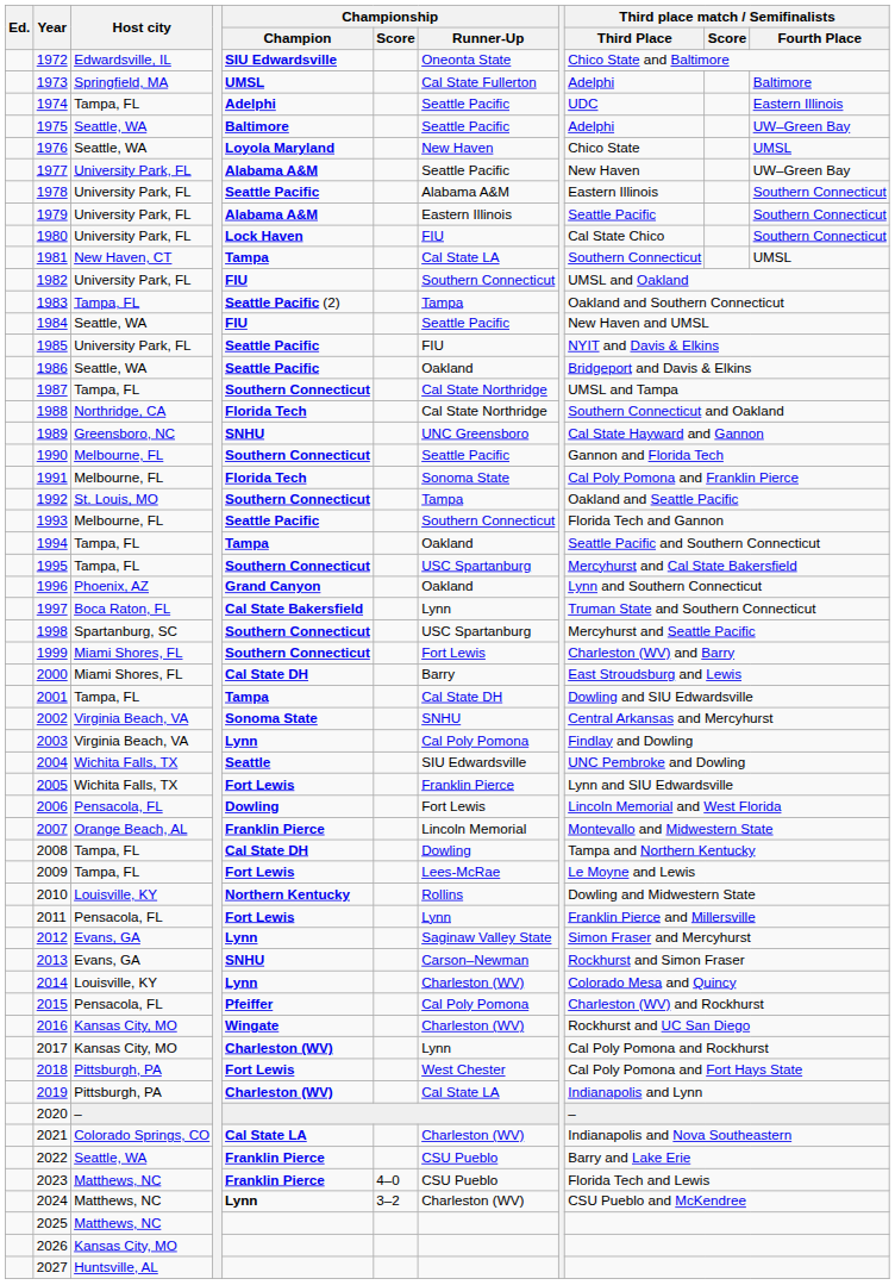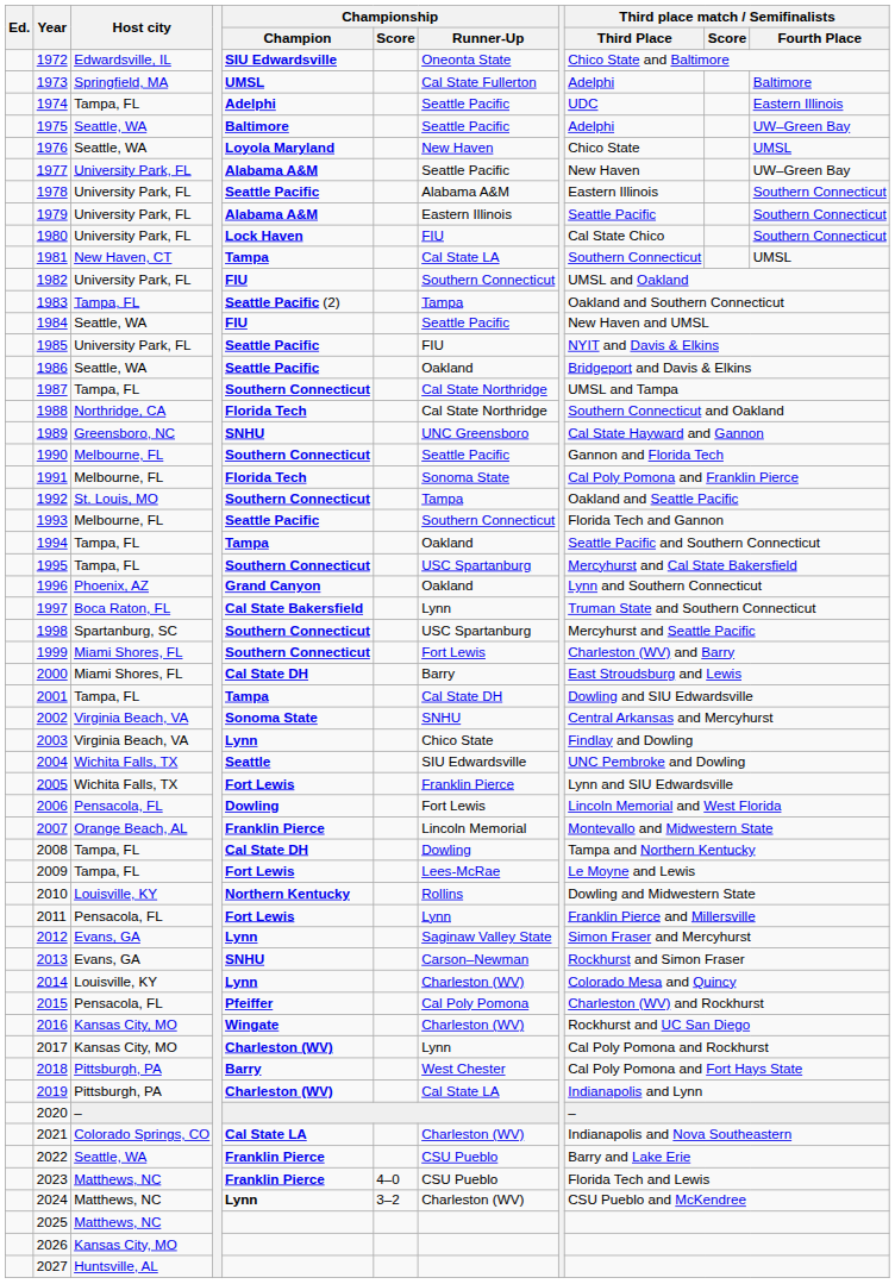 <table class="wikitable" style="text-align:; font-size:90%">
 <tr>
 <th rowspan="2">Ed.</th>
 <th rowspan="2">Year</th>
 <th rowspan="2">Host city</th>
 <th rowspan=60 style= "width:1%"></th>
 <th colspan=3>Championship</th>
 <th rowspan=60></th>
 <th colspan=3>Third place match / Semifinalists</th>
 </tr>
 <tr>
 <th>Champion</th>
 <th>Score</th>
 <th>Runner-Up</th>
 <th>Third Place</th>
 <th>Score</th>
 <th>Fourth Place</th>
 </tr>
 <tr>
 <td></td>
 <td><a href='#'>1972</a></td>
 <td><a href='#'>Edwardsville, IL</a></td>
 <td><strong><a href='#'>SIU Edwardsville</a></strong> </td>
 <td></td>
 <td><a href='#'>Oneonta State</a></td>
 <td colspan=3><a href='#'>Chico State</a> and <a href='#'>Baltimore</a> </td>
 </tr>
 <tr>
 <td></td>
 <td><a href='#'>1973</a></td>
 <td><a href='#'>Springfield, MA</a></td>
 <td><strong><a href='#'>UMSL</a></strong> </td>
 <td></td>
 <td><a href='#'>Cal State Fullerton</a></td>
 <td><a href='#'>Adelphi</a></td>
 <td></td>
 <td><a href='#'>Baltimore</a></td>
 </tr>
 <tr>
 <td></td>
 <td><a href='#'>1974</a></td>
 <td>Tampa, FL</td>
 <td><strong><a href='#'>Adelphi</a></strong> </td>
 <td></td>
 <td><a href='#'>Seattle Pacific</a></td>
 <td><a href='#'>UDC</a></td>
 <td></td>
 <td><a href='#'>Eastern Illinois</a></td>
 </tr>
 <tr>
 <td></td>
 <td><a href='#'>1975</a></td>
 <td><a href='#'>Seattle, WA</a></td>
 <td><strong><a href='#'>Baltimore</a></strong> </td>
 <td></td>
 <td><a href='#'>Seattle Pacific</a></td>
 <td><a href='#'>Adelphi</a></td>
 <td></td>
 <td><a href='#'>UW–Green Bay</a></td>
 </tr>
 <tr>
 <td></td>
 <td><a href='#'>1976</a></td>
 <td>Seattle, WA</td>
 <td><strong><a href='#'>Loyola Maryland</a></strong> </td>
 <td></td>
 <td><a href='#'>New Haven</a></td>
 <td>Chico State</td>
 <td></td>
 <td><a href='#'>UMSL</a></td>
 </tr>
 <tr>
 <td></td>
 <td><a href='#'>1977</a></td>
 <td><a href='#'>University Park, FL</a></td>
 <td><strong><a href='#'>Alabama A&M</a></strong> </td>
 <td></td>
 <td>Seattle Pacific</td>
 <td>New Haven</td>
 <td></td>
 <td>UW–Green Bay</td>
 </tr>
 <tr>
 <td></td>
 <td><a href='#'>1978</a></td>
 <td>University Park, FL</td>
 <td><strong><a href='#'>Seattle Pacific</a></strong> </td>
 <td></td>
 <td>Alabama A&M</td>
 <td>Eastern Illinois</td>
 <td></td>
 <td><a href='#'>Southern Connecticut</a></td>
 </tr>
 <tr>
 <td></td>
 <td><a href='#'>1979</a></td>
 <td>University Park, FL</td>
 <td><strong><a href='#'>Alabama A&M</a></strong> </td>
 <td></td>
 <td>Eastern Illinois</td>
 <td><a href='#'>Seattle Pacific</a></td>
 <td></td>
 <td><a href='#'>Southern Connecticut</a></td>
 </tr>
 <tr>
 <td></td>
 <td><a href='#'>1980</a></td>
 <td>University Park, FL</td>
 <td><strong><a href='#'>Lock Haven</a></strong> </td>
 <td></td>
 <td><a href='#'>FIU</a></td>
 <td>Cal State Chico</td>
 <td></td>
 <td><a href='#'>Southern Connecticut</a></td>
 </tr>
 <tr>
 <td></td>
 <td><a href='#'>1981</a></td>
 <td><a href='#'>New Haven, CT</a></td>
 <td><strong><a href='#'>Tampa</a></strong> </td>
 <td></td>
 <td><a href='#'>Cal State LA</a></td>
 <td><a href='#'>Southern Connecticut</a></td>
 <td></td>
 <td>UMSL</td>
 </tr>
 <tr>
 <td></td>
 <td><a href='#'>1982</a></td>
 <td>University Park, FL</td>
 <td><strong><a href='#'>FIU</a></strong> </td>
 <td></td>
 <td><a href='#'>Southern Connecticut</a></td>
 <td colspan=3>UMSL and <a href='#'>Oakland</a> </td>
 </tr>
 <tr>
 <td></td>
 <td><a href='#'>1983</a></td>
 <td><a href='#'>Tampa, FL</a></td>
 <td><strong><a href='#'>Seattle Pacific</a></strong> (2)</td>
 <td></td>
 <td><a href='#'>Tampa</a></td>
 <td colspan=3>Oakland and Southern Connecticut</td>
 </tr>
 <tr>
 <td></td>
 <td><a href='#'>1984</a></td>
 <td>Seattle, WA</td>
 <td><strong><a href='#'>FIU</a></strong> </td>
 <td></td>
 <td><a href='#'>Seattle Pacific</a></td>
 <td colspan=3>New Haven and UMSL</td>
 </tr>
 <tr>
 <td></td>
 <td><a href='#'>1985</a></td>
 <td>University Park, FL</td>
 <td><strong><a href='#'>Seattle Pacific</a></strong> </td>
 <td></td>
 <td>FIU</td>
 <td colspan=3><a href='#'>NYIT</a> and <a href='#'>Davis & Elkins</a></td>
 </tr>
 <tr>
 <td></td>
 <td><a href='#'>1986</a></td>
 <td>Seattle, WA</td>
 <td><strong><a href='#'>Seattle Pacific</a></strong> </td>
 <td></td>
 <td>Oakland</td>
 <td colspan=3><a href='#'>Bridgeport</a> and Davis & Elkins</td>
 </tr>
 <tr>
 <td></td>
 <td><a href='#'>1987</a></td>
 <td>Tampa, FL</td>
 <td><strong><a href='#'>Southern Connecticut</a></strong> </td>
 <td></td>
 <td><a href='#'>Cal State Northridge</a></td>
 <td colspan=3>UMSL and Tampa</td>
 </tr>
 <tr>
 <td></td>
 <td><a href='#'>1988</a></td>
 <td><a href='#'>Northridge, CA</a></td>
 <td><strong><a href='#'>Florida Tech</a></strong> </td>
 <td></td>
 <td>Cal State Northridge</td>
 <td colspan=3><a href='#'>Southern Connecticut</a> and Oakland</td>
 </tr>
 <tr>
 <td></td>
 <td><a href='#'>1989</a></td>
 <td><a href='#'>Greensboro, NC</a></td>
 <td><strong><a href='#'>SNHU</a></strong> </td>
 <td></td>
 <td><a href='#'>UNC Greensboro</a></td>
 <td colspan=3><a href='#'>Cal State Hayward</a> and <a href='#'>Gannon</a></td>
 </tr>
 <tr>
 <td></td>
 <td><a href='#'>1990</a></td>
 <td><a href='#'>Melbourne, FL</a></td>
 <td><strong><a href='#'>Southern Connecticut</a></strong> </td>
 <td></td>
 <td><a href='#'>Seattle Pacific</a></td>
 <td colspan=3>Gannon and <a href='#'>Florida Tech</a></td>
 </tr>
 <tr>
 <td></td>
 <td><a href='#'>1991</a></td>
 <td>Melbourne, FL</td>
 <td><strong><a href='#'>Florida Tech</a></strong> </td>
 <td></td>
 <td><a href='#'>Sonoma State</a></td>
 <td colspan=3><a href='#'>Cal Poly Pomona</a> and <a href='#'>Franklin Pierce</a></td>
 </tr>
 <tr>
 <td></td>
 <td><a href='#'>1992</a></td>
 <td><a href='#'>St. Louis, MO</a></td>
 <td><strong><a href='#'>Southern Connecticut</a></strong> </td>
 <td></td>
 <td><a href='#'>Tampa</a></td>
 <td colspan=3>Oakland and <a href='#'>Seattle Pacific</a></td>
 </tr>
 <tr>
 <td></td>
 <td><a href='#'>1993</a></td>
 <td>Melbourne, FL</td>
 <td><strong><a href='#'>Seattle Pacific</a></strong> </td>
 <td></td>
 <td><a href='#'>Southern Connecticut</a></td>
 <td colspan=3>Florida Tech and Gannon</td>
 </tr>
 <tr>
 <td></td>
 <td><a href='#'>1994</a></td>
 <td>Tampa, FL</td>
 <td><strong><a href='#'>Tampa</a></strong> </td>
 <td></td>
 <td>Oakland</td>
 <td colspan=3><a href='#'>Seattle Pacific</a> and Southern Connecticut</td>
 </tr>
 <tr>
 <td></td>
 <td><a href='#'>1995</a></td>
 <td>Tampa, FL</td>
 <td><strong><a href='#'>Southern Connecticut</a></strong> </td>
 <td></td>
 <td><a href='#'>USC Spartanburg</a></td>
 <td colspan=3><a href='#'>Mercyhurst</a> and <a href='#'>Cal State Bakersfield</a></td>
 </tr>
 <tr>
 <td></td>
 <td><a href='#'>1996</a></td>
 <td><a href='#'>Phoenix, AZ</a></td>
 <td><strong><a href='#'>Grand Canyon</a></strong> </td>
 <td></td>
 <td>Oakland</td>
 <td colspan=3><a href='#'>Lynn</a> and Southern Connecticut</td>
 </tr>
 <tr>
 <td></td>
 <td><a href='#'>1997</a></td>
 <td><a href='#'>Boca Raton, FL</a></td>
 <td><strong><a href='#'>Cal State Bakersfield</a></strong> </td>
 <td></td>
 <td>Lynn</td>
 <td colspan=3><a href='#'>Truman State</a> and Southern Connecticut</td>
 </tr>
 <tr>
 <td></td>
 <td><a href='#'>1998</a></td>
 <td>Spartanburg, SC</td>
 <td><strong><a href='#'>Southern Connecticut</a></strong> </td>
 <td></td>
 <td>USC Spartanburg</td>
 <td colspan=3>Mercyhurst and <a href='#'>Seattle Pacific</a></td>
 </tr>
 <tr>
 <td></td>
 <td><a href='#'>1999</a></td>
 <td><a href='#'>Miami Shores, FL</a></td>
 <td><strong><a href='#'>Southern Connecticut</a></strong> </td>
 <td></td>
 <td><a href='#'>Fort Lewis</a></td>
 <td colspan=3><a href='#'>Charleston (WV)</a> and <a href='#'>Barry</a></td>
 </tr>
 <tr>
 <td></td>
 <td><a href='#'>2000</a></td>
 <td>Miami Shores, FL</td>
 <td><strong><a href='#'>Cal State DH</a></strong> </td>
 <td></td>
 <td>Barry</td>
 <td colspan=3><a href='#'>East Stroudsburg</a> and <a href='#'>Lewis</a></td>
 </tr>
 <tr>
 <td></td>
 <td><a href='#'>2001</a></td>
 <td>Tampa, FL</td>
 <td><strong><a href='#'>Tampa</a></strong> </td>
 <td></td>
 <td><a href='#'>Cal State DH</a></td>
 <td colspan=3><a href='#'>Dowling</a> and SIU Edwardsville</td>
 </tr>
 <tr>
 <td></td>
 <td><a href='#'>2002</a></td>
 <td><a href='#'>Virginia Beach, VA</a></td>
 <td><strong><a href='#'>Sonoma State</a></strong> </td>
 <td></td>
 <td><a href='#'>SNHU</a></td>
 <td colspan=3><a href='#'>Central Arkansas</a> and Mercyhurst</td>
 </tr>
 <tr>
 <td></td>
 <td><a href='#'>2003</a></td>
 <td>Virginia Beach, VA</td>
 <td><strong><a href='#'>Lynn</a></strong> </td>
 <td></td>
-<td><a href='#'>Cal Poly Pomona</a></td>
+<td>Chico State</td>
 <td colspan=3><a href='#'>Findlay</a> and Dowling</td>
 </tr>
 <tr>
 <td></td>
 <td><a href='#'>2004</a></td>
 <td><a href='#'>Wichita Falls, TX</a></td>
 <td><strong><a href='#'>Seattle</a></strong> </td>
 <td></td>
 <td>SIU Edwardsville</td>
 <td colspan=3><a href='#'>UNC Pembroke</a> and Dowling</td>
 </tr>
 <tr>
 <td></td>
 <td><a href='#'>2005</a></td>
 <td>Wichita Falls, TX</td>
 <td><strong><a href='#'>Fort Lewis</a></strong> </td>
 <td></td>
 <td><a href='#'>Franklin Pierce</a></td>
 <td colspan=3>Lynn and SIU Edwardsville</td>
 </tr>
 <tr>
 <td></td>
 <td><a href='#'>2006</a></td>
 <td><a href='#'>Pensacola, FL</a></td>
 <td><strong><a href='#'>Dowling</a></strong> </td>
 <td></td>
 <td>Fort Lewis</td>
 <td colspan=3><a href='#'>Lincoln Memorial</a> and <a href='#'>West Florida</a></td>
 </tr>
 <tr>
 <td></td>
 <td><a href='#'>2007</a></td>
 <td><a href='#'>Orange Beach, AL</a></td>
 <td><strong><a href='#'>Franklin Pierce</a></strong> </td>
 <td></td>
 <td>Lincoln Memorial</td>
 <td colspan=3><a href='#'>Montevallo</a> and <a href='#'>Midwestern State</a></td>
 </tr>
 <tr>
 <td></td>
 <td>2008</td>
 <td>Tampa, FL</td>
 <td><strong><a href='#'>Cal State DH</a></strong> </td>
 <td></td>
 <td><a href='#'>Dowling</a></td>
 <td colspan=3>Tampa and <a href='#'>Northern Kentucky</a></td>
 </tr>
 <tr>
 <td></td>
 <td>2009</td>
 <td>Tampa, FL</td>
 <td><strong><a href='#'>Fort Lewis</a></strong> </td>
 <td></td>
 <td><a href='#'>Lees-McRae</a></td>
 <td colspan=3><a href='#'>Le Moyne</a> and Lewis</td>
 </tr>
 <tr>
 <td></td>
 <td>2010</td>
 <td><a href='#'>Louisville, KY</a></td>
 <td><strong><a href='#'>Northern Kentucky</a></strong> </td>
 <td></td>
 <td><a href='#'>Rollins</a></td>
 <td colspan=3>Dowling and Midwestern State</td>
 </tr>
 <tr>
 <td></td>
 <td>2011</td>
 <td>Pensacola, FL</td>
 <td><strong><a href='#'>Fort Lewis</a></strong> </td>
 <td></td>
 <td><a href='#'>Lynn</a></td>
 <td colspan=3><a href='#'>Franklin Pierce</a> and <a href='#'>Millersville</a></td>
 </tr>
 <tr>
 <td></td>
 <td><a href='#'>2012</a></td>
 <td><a href='#'>Evans, GA</a></td>
 <td><strong><a href='#'>Lynn</a></strong> </td>
 <td></td>
 <td><a href='#'>Saginaw Valley State</a></td>
 <td colspan=3><a href='#'>Simon Fraser</a> and Mercyhurst</td>
 </tr>
 <tr>
 <td></td>
 <td><a href='#'>2013</a></td>
 <td>Evans, GA</td>
 <td><strong><a href='#'>SNHU</a></strong> </td>
 <td></td>
 <td><a href='#'>Carson–Newman</a></td>
 <td colspan=3><a href='#'>Rockhurst</a> and Simon Fraser</td>
 </tr>
 <tr>
 <td></td>
 <td><a href='#'>2014</a></td>
 <td>Louisville, KY</td>
 <td><strong><a href='#'>Lynn</a></strong> </td>
 <td></td>
 <td><a href='#'>Charleston (WV)</a></td>
 <td colspan=3><a href='#'>Colorado Mesa</a> and <a href='#'>Quincy</a></td>
 </tr>
 <tr>
 <td></td>
 <td><a href='#'>2015</a></td>
 <td>Pensacola, FL</td>
 <td><strong><a href='#'>Pfeiffer</a></strong> </td>
 <td></td>
 <td><a href='#'>Cal Poly Pomona</a></td>
 <td colspan=3><a href='#'>Charleston (WV)</a> and Rockhurst</td>
 </tr>
 <tr>
 <td></td>
 <td><a href='#'>2016</a></td>
 <td><a href='#'>Kansas City, MO</a></td>
 <td><strong><a href='#'>Wingate</a></strong> </td>
 <td></td>
 <td><a href='#'>Charleston (WV)</a></td>
 <td colspan=3>Rockhurst and <a href='#'>UC San Diego</a></td>
 </tr>
 <tr>
 <td></td>
 <td>2017</td>
 <td>Kansas City, MO</td>
 <td><strong><a href='#'>Charleston (WV)</a></strong> </td>
 <td></td>
 <td>Lynn</td>
 <td colspan=3>Cal Poly Pomona and Rockhurst</td>
 </tr>
 <tr>
 <td></td>
 <td><a href='#'>2018</a></td>
 <td><a href='#'>Pittsburgh, PA</a></td>
-<td><strong><a href='#'>Fort Lewis</a></strong> </td>
+<td><strong><a href='#'>Barry</a></strong> </td>
 <td></td>
 <td><a href='#'>West Chester</a></td>
 <td colspan=3>Cal Poly Pomona and <a href='#'>Fort Hays State</a></td>
 </tr>
 <tr>
 <td></td>
 <td><a href='#'>2019</a></td>
 <td>Pittsburgh, PA</td>
 <td><strong><a href='#'>Charleston (WV)</a></strong> </td>
 <td></td>
 <td><a href='#'>Cal State LA</a></td>
 <td colspan=3><a href='#'>Indianapolis</a> and Lynn</td>
 </tr>
 <tr>
 <td></td>
 <td>2020</td>
 <td bgcolor=#efefef>–</td>
 <td colspan=3 bgcolor=#efefef></td>
 <td colspan=3 bgcolor=#efefef>–</td>
 </tr>
 <tr>
 <td></td>
 <td>2021</td>
 <td><a href='#'>Colorado Springs, CO</a></td>
 <td><strong><a href='#'>Cal State LA</a></strong> </td>
 <td></td>
 <td><a href='#'>Charleston (WV)</a></td>
 <td colspan=3>Indianapolis and <a href='#'>Nova Southeastern</a></td>
 </tr>
 <tr>
 <td></td>
 <td>2022</td>
 <td><a href='#'>Seattle, WA</a></td>
 <td><strong><a href='#'>Franklin Pierce</a></strong> </td>
 <td></td>
 <td><a href='#'>CSU Pueblo</a></td>
 <td colspan=3>Barry and <a href='#'>Lake Erie</a></td>
 </tr>
 <tr>
 <td></td>
 <td>2023</td>
 <td><a href='#'> Matthews, NC</a></td>
 <td><strong><a href='#'>Franklin Pierce</a></strong> </td>
 <td>4–0</td>
 <td>CSU Pueblo</td>
 <td colspan=3>Florida Tech and Lewis</td>
 </tr>
 <tr>
 <td></td>
 <td>2024</td>
 <td>Matthews, NC</td>
 <td><strong>Lynn</strong> </td>
 <td>3–2</td>
 <td>Charleston (WV)</td>
 <td colspan=3>CSU Pueblo and <a href='#'>McKendree</a></td>
 </tr>
 <tr>
 <td></td>
 <td>2025</td>
 <td><a href='#'>Matthews, NC</a></td>
 <td></td>
 <td></td>
 <td></td>
 <td colspan=3></td>
 </tr>
 <tr>
 <td></td>
 <td>2026</td>
 <td><a href='#'>Kansas City, MO</a></td>
 <td></td>
 <td></td>
 <td></td>
 <td colspan=3></td>
 </tr>
 <tr>
 <td></td>
 <td>2027</td>
 <td><a href='#'>Huntsville, AL</a></td>
 <td></td>
 <td></td>
 <td></td>
 <td colspan=3></td>
 </tr>
 </table>
